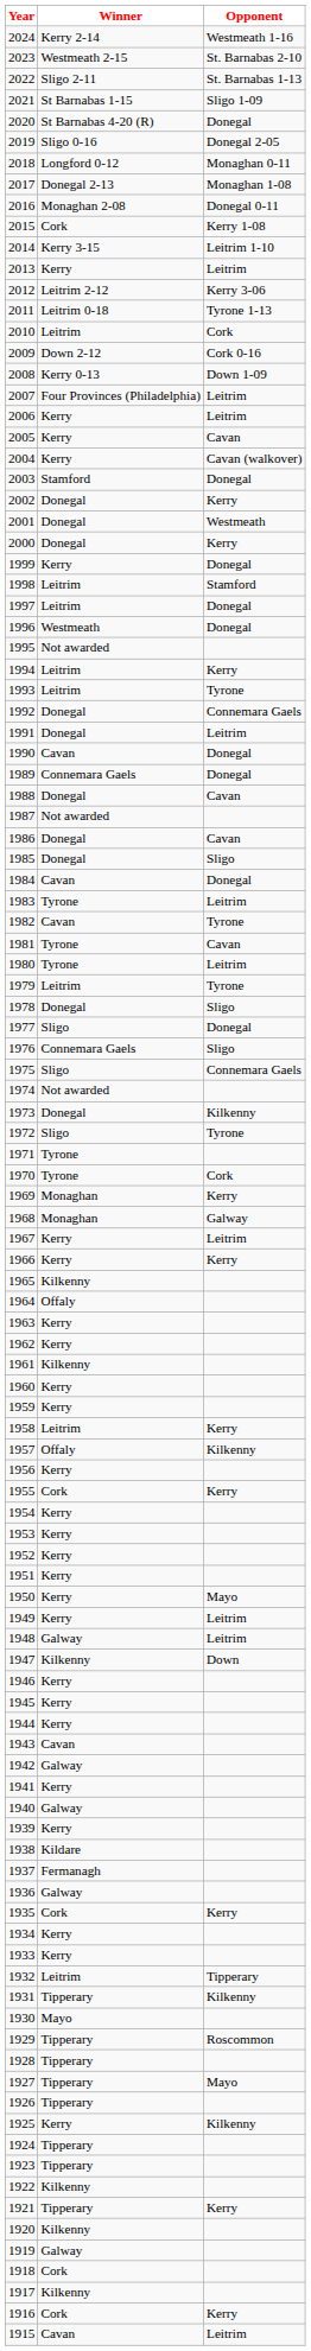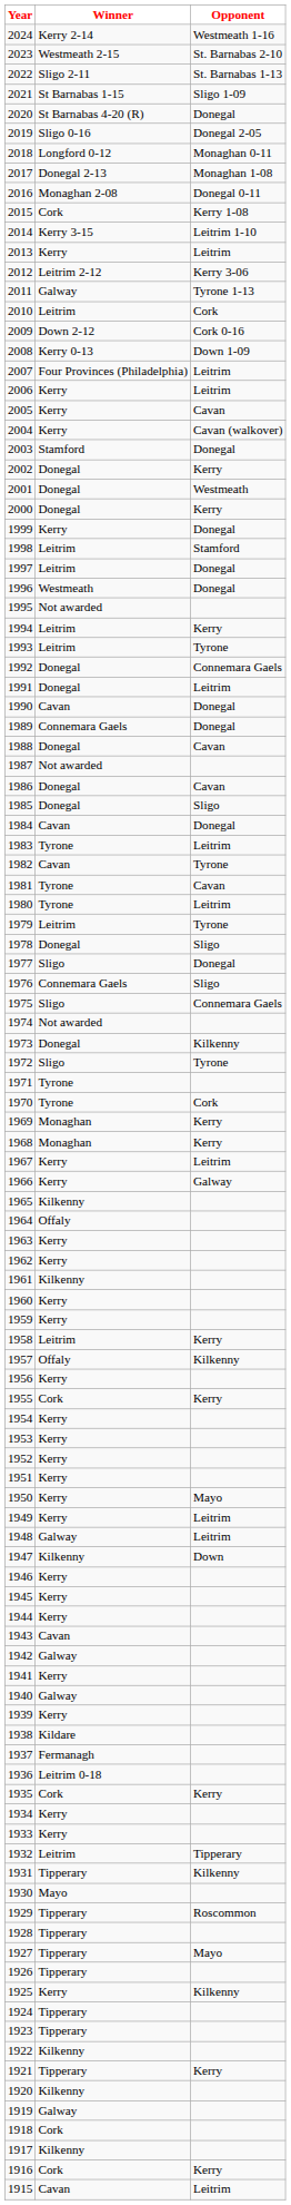 <table class="wikitable">
 <tr>
 <th style="background:white;color:red;">Year</th>
 <th style="background:white;color:red;">Winner</th>
 <th style="background:white;color:red;">Opponent</th>
 </tr>
 <tr>
 <td>2024</td>
 <td>Kerry 2-14</td>
 <td>Westmeath 1-16</td>
 </tr>
 <tr>
 <td>2023</td>
 <td>Westmeath 2-15</td>
 <td>St. Barnabas 2-10</td>
 </tr>
 <tr>
 <td>2022</td>
 <td>Sligo 2-11</td>
 <td>St. Barnabas 1-13</td>
 </tr>
 <tr>
 <td>2021</td>
 <td>St Barnabas 1-15</td>
 <td>Sligo 1-09</td>
 </tr>
 <tr>
 <td>2020</td>
 <td>St Barnabas 4-20 (R)</td>
 <td>Donegal</td>
 </tr>
 <tr>
 <td>2019</td>
 <td>Sligo 0-16</td>
 <td>Donegal 2-05</td>
 </tr>
 <tr>
 <td>2018</td>
 <td>Longford 0-12</td>
 <td>Monaghan 0-11</td>
 </tr>
 <tr>
 <td>2017</td>
 <td>Donegal 2-13</td>
 <td>Monaghan 1-08</td>
 </tr>
 <tr>
 <td>2016</td>
 <td>Monaghan 2-08</td>
 <td>Donegal 0-11</td>
 </tr>
 <tr>
 <td>2015</td>
 <td>Cork</td>
 <td>Kerry 1-08</td>
 </tr>
 <tr>
 <td>2014</td>
 <td>Kerry 3-15</td>
 <td>Leitrim 1-10</td>
 </tr>
 <tr>
 <td>2013</td>
 <td>Kerry</td>
 <td>Leitrim</td>
 </tr>
 <tr>
 <td>2012</td>
 <td>Leitrim 2-12</td>
 <td>Kerry 3-06</td>
 </tr>
 <tr>
 <td>2011</td>
-<td>Leitrim 0-18</td>
+<td>Galway</td>
 <td>Tyrone 1-13</td>
 </tr>
 <tr>
 <td>2010</td>
 <td>Leitrim</td>
 <td>Cork</td>
 </tr>
 <tr>
 <td>2009</td>
 <td>Down 2-12</td>
 <td>Cork 0-16</td>
 </tr>
 <tr>
 <td>2008</td>
 <td>Kerry 0-13</td>
 <td>Down 1-09</td>
 </tr>
 <tr>
 <td>2007</td>
 <td>Four Provinces (Philadelphia)</td>
 <td>Leitrim</td>
 </tr>
 <tr>
 <td>2006</td>
 <td>Kerry</td>
 <td>Leitrim</td>
 </tr>
 <tr>
 <td>2005</td>
 <td>Kerry</td>
 <td>Cavan</td>
 </tr>
 <tr>
 <td>2004</td>
 <td>Kerry</td>
 <td>Cavan (walkover)</td>
 </tr>
 <tr>
 <td>2003</td>
 <td>Stamford</td>
 <td>Donegal</td>
 </tr>
 <tr>
 <td>2002</td>
 <td>Donegal</td>
 <td>Kerry</td>
 </tr>
 <tr>
 <td>2001</td>
 <td>Donegal</td>
 <td>Westmeath</td>
 </tr>
 <tr>
 <td>2000</td>
 <td>Donegal</td>
 <td>Kerry</td>
 </tr>
 <tr>
 <td>1999</td>
 <td>Kerry</td>
 <td>Donegal</td>
 </tr>
 <tr>
 <td>1998</td>
 <td>Leitrim</td>
 <td>Stamford</td>
 </tr>
 <tr>
 <td>1997</td>
 <td>Leitrim</td>
 <td>Donegal</td>
 </tr>
 <tr>
 <td>1996</td>
 <td>Westmeath</td>
 <td>Donegal</td>
 </tr>
 <tr>
 <td>1995</td>
 <td>Not awarded</td>
 <td></td>
 </tr>
 <tr>
 <td>1994</td>
 <td>Leitrim</td>
 <td>Kerry</td>
 </tr>
 <tr>
 <td>1993</td>
 <td>Leitrim</td>
 <td>Tyrone</td>
 </tr>
 <tr>
 <td>1992</td>
 <td>Donegal</td>
 <td>Connemara Gaels</td>
 </tr>
 <tr>
 <td>1991</td>
 <td>Donegal</td>
 <td>Leitrim</td>
 </tr>
 <tr>
 <td>1990</td>
 <td>Cavan</td>
 <td>Donegal</td>
 </tr>
 <tr>
 <td>1989</td>
 <td>Connemara Gaels</td>
 <td>Donegal</td>
 </tr>
 <tr>
 <td>1988</td>
 <td>Donegal</td>
 <td>Cavan</td>
 </tr>
 <tr>
 <td>1987</td>
 <td>Not awarded</td>
 <td></td>
 </tr>
 <tr>
 <td>1986</td>
 <td>Donegal</td>
 <td>Cavan</td>
 </tr>
 <tr>
 <td>1985</td>
 <td>Donegal</td>
 <td>Sligo</td>
 </tr>
 <tr>
 <td>1984</td>
 <td>Cavan</td>
 <td>Donegal</td>
 </tr>
 <tr>
 <td>1983</td>
 <td>Tyrone</td>
 <td>Leitrim</td>
 </tr>
 <tr>
 <td>1982</td>
 <td>Cavan</td>
 <td>Tyrone</td>
 </tr>
 <tr>
 <td>1981</td>
 <td>Tyrone</td>
 <td>Cavan</td>
 </tr>
 <tr>
 <td>1980</td>
 <td>Tyrone</td>
 <td>Leitrim</td>
 </tr>
 <tr>
 <td>1979</td>
 <td>Leitrim</td>
 <td>Tyrone</td>
 </tr>
 <tr>
 <td>1978</td>
 <td>Donegal</td>
 <td>Sligo</td>
 </tr>
 <tr>
 <td>1977</td>
 <td>Sligo</td>
 <td>Donegal</td>
 </tr>
 <tr>
 <td>1976</td>
 <td>Connemara Gaels</td>
 <td>Sligo</td>
 </tr>
 <tr>
 <td>1975</td>
 <td>Sligo</td>
 <td>Connemara Gaels</td>
 </tr>
 <tr>
 <td>1974</td>
 <td>Not awarded</td>
 <td></td>
 </tr>
 <tr>
 <td>1973</td>
 <td>Donegal</td>
 <td>Kilkenny</td>
 </tr>
 <tr>
 <td>1972</td>
 <td>Sligo</td>
 <td>Tyrone</td>
 </tr>
 <tr>
 <td>1971</td>
 <td>Tyrone</td>
 <td></td>
 </tr>
 <tr>
 <td>1970</td>
 <td>Tyrone</td>
 <td>Cork</td>
 </tr>
 <tr>
 <td>1969</td>
 <td>Monaghan</td>
 <td>Kerry</td>
 </tr>
 <tr>
 <td>1968</td>
 <td>Monaghan</td>
-<td>Galway</td>
+<td>Kerry</td>
 </tr>
 <tr>
 <td>1967</td>
 <td>Kerry</td>
 <td>Leitrim</td>
 </tr>
 <tr>
 <td>1966</td>
 <td>Kerry</td>
-<td>Kerry</td>
+<td>Galway</td>
 </tr>
 <tr>
 <td>1965</td>
 <td>Kilkenny</td>
 <td></td>
 </tr>
 <tr>
 <td>1964</td>
 <td>Offaly</td>
 <td></td>
 </tr>
 <tr>
 <td>1963</td>
 <td>Kerry</td>
 <td></td>
 </tr>
 <tr>
 <td>1962</td>
 <td>Kerry</td>
 <td></td>
 </tr>
 <tr>
 <td>1961</td>
 <td>Kilkenny</td>
 <td></td>
 </tr>
 <tr>
 <td>1960</td>
 <td>Kerry</td>
 <td></td>
 </tr>
 <tr>
 <td>1959</td>
 <td>Kerry</td>
 <td></td>
 </tr>
 <tr>
 <td>1958</td>
 <td>Leitrim</td>
 <td>Kerry</td>
 </tr>
 <tr>
 <td>1957</td>
 <td>Offaly</td>
 <td>Kilkenny</td>
 </tr>
 <tr>
 <td>1956</td>
 <td>Kerry</td>
 <td></td>
 </tr>
 <tr>
 <td>1955</td>
 <td>Cork</td>
 <td>Kerry</td>
 </tr>
 <tr>
 <td>1954</td>
 <td>Kerry</td>
 <td></td>
 </tr>
 <tr>
 <td>1953</td>
 <td>Kerry</td>
 <td></td>
 </tr>
 <tr>
 <td>1952</td>
 <td>Kerry</td>
 <td></td>
 </tr>
 <tr>
 <td>1951</td>
 <td>Kerry</td>
 <td></td>
 </tr>
 <tr>
 <td>1950</td>
 <td>Kerry</td>
 <td>Mayo</td>
 </tr>
 <tr>
 <td>1949</td>
 <td>Kerry</td>
 <td>Leitrim</td>
 </tr>
 <tr>
 <td>1948</td>
 <td>Galway</td>
 <td>Leitrim</td>
 </tr>
 <tr>
 <td>1947</td>
 <td>Kilkenny</td>
 <td>Down</td>
 </tr>
 <tr>
 <td>1946</td>
 <td>Kerry</td>
 <td></td>
 </tr>
 <tr>
 <td>1945</td>
 <td>Kerry</td>
 <td></td>
 </tr>
 <tr>
 <td>1944</td>
 <td>Kerry</td>
 <td></td>
 </tr>
 <tr>
 <td>1943</td>
 <td>Cavan</td>
 <td></td>
 </tr>
 <tr>
 <td>1942</td>
 <td>Galway</td>
 <td></td>
 </tr>
 <tr>
 <td>1941</td>
 <td>Kerry</td>
 <td></td>
 </tr>
 <tr>
 <td>1940</td>
 <td>Galway</td>
 <td></td>
 </tr>
 <tr>
 <td>1939</td>
 <td>Kerry</td>
 <td></td>
 </tr>
 <tr>
 <td>1938</td>
 <td>Kildare</td>
 <td></td>
 </tr>
 <tr>
 <td>1937</td>
 <td>Fermanagh</td>
 <td></td>
 </tr>
 <tr>
 <td>1936</td>
-<td>Galway</td>
+<td>Leitrim 0-18</td>
 <td></td>
 </tr>
 <tr>
 <td>1935</td>
 <td>Cork</td>
 <td>Kerry</td>
 </tr>
 <tr>
 <td>1934</td>
 <td>Kerry</td>
 <td></td>
 </tr>
 <tr>
 <td>1933</td>
 <td>Kerry</td>
 <td></td>
 </tr>
 <tr>
 <td>1932</td>
 <td>Leitrim</td>
 <td>Tipperary</td>
 </tr>
 <tr>
 <td>1931</td>
 <td>Tipperary</td>
 <td>Kilkenny</td>
 </tr>
 <tr>
 <td>1930</td>
 <td>Mayo</td>
 <td></td>
 </tr>
 <tr>
 <td>1929</td>
 <td>Tipperary</td>
 <td>Roscommon</td>
 </tr>
 <tr>
 <td>1928</td>
 <td>Tipperary</td>
 <td></td>
 </tr>
 <tr>
 <td>1927</td>
 <td>Tipperary</td>
 <td>Mayo</td>
 </tr>
 <tr>
 <td>1926</td>
 <td>Tipperary</td>
 <td></td>
 </tr>
 <tr>
 <td>1925</td>
 <td>Kerry</td>
 <td>Kilkenny</td>
 </tr>
 <tr>
 <td>1924</td>
 <td>Tipperary</td>
 <td></td>
 </tr>
 <tr>
 <td>1923</td>
 <td>Tipperary</td>
 <td></td>
 </tr>
 <tr>
 <td>1922</td>
 <td>Kilkenny</td>
 <td></td>
 </tr>
 <tr>
 <td>1921</td>
 <td>Tipperary</td>
 <td>Kerry</td>
 </tr>
 <tr>
 <td>1920</td>
 <td>Kilkenny</td>
 <td></td>
 </tr>
 <tr>
 <td>1919</td>
 <td>Galway</td>
 <td></td>
 </tr>
 <tr>
 <td>1918</td>
 <td>Cork</td>
 <td></td>
 </tr>
 <tr>
 <td>1917</td>
 <td>Kilkenny</td>
 <td></td>
 </tr>
 <tr>
 <td>1916</td>
 <td>Cork</td>
 <td>Kerry</td>
 </tr>
 <tr>
 <td>1915</td>
 <td>Cavan</td>
 <td>Leitrim</td>
 </tr>
 </table>
